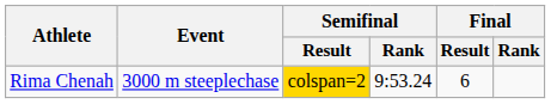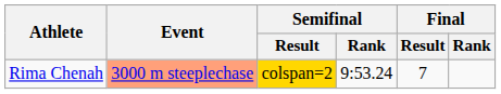 <table class="wikitable" style="font-size:90%">
 <tr>
 <th rowspan="2">Athlete</th>
 <th rowspan="2">Event</th>
 <th colspan="2">Semifinal</th>
 <th colspan="2">Final</th>
 </tr>
 <tr style="font-size:95%">
 <th>Result</th>
 <th>Rank</th>
 <th>Result</th>
 <th>Rank</th>
 </tr>
 <tr align=center>
 <td align=left><a href='#'>Rima Chenah</a></td>
-<td align=left><a href='#'>3000 m steeplechase</a></td>
+<td align=left style="background: lightsalmon;"><a href='#'>3000 m steeplechase</a></td>
 <td style="background: gold;">colspan=2 </td>
 <td>9:53.24</td>
-<td>6</td>
+<td>7</td>
 </tr>
 </table>
